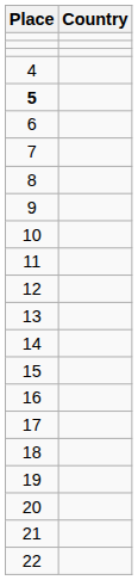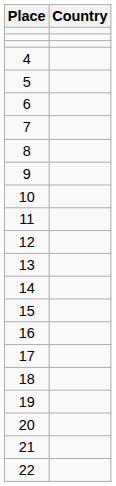 <table class="wikitable" style="font-size:95%;">
 <tr>
 <th>Place</th>
 <th>Country</th>
 </tr>
 <tr>
 <td align="center"></td>
 <td></td>
 </tr>
 <tr>
 <td align="center"></td>
 <td></td>
 </tr>
 <tr>
 <td align="center"></td>
 <td></td>
 </tr>
 <tr>
 <td align="center">4</td>
 <td></td>
 </tr>
 <tr>
-<td align="center"><strong>5</strong></td>
+<td align="center">5</td>
 <td></td>
 </tr>
 <tr>
 <td align="center">6</td>
 <td></td>
 </tr>
 <tr>
 <td align="center">7</td>
 <td></td>
 </tr>
 <tr>
 <td align="center">8</td>
 <td></td>
 </tr>
 <tr>
 <td align="center">9</td>
 <td></td>
 </tr>
 <tr>
 <td align="center">10</td>
 <td></td>
 </tr>
 <tr>
 <td align="center">11</td>
 <td></td>
 </tr>
 <tr>
 <td align="center">12</td>
 <td></td>
 </tr>
 <tr>
 <td align="center">13</td>
 <td></td>
 </tr>
 <tr>
 <td align="center">14</td>
 <td></td>
 </tr>
 <tr>
 <td align="center">15</td>
 <td></td>
 </tr>
 <tr>
 <td align="center">16</td>
 <td></td>
 </tr>
 <tr>
 <td align=center>17</td>
 <td></td>
 </tr>
 <tr>
 <td align=center>18</td>
 <td></td>
 </tr>
 <tr>
 <td align=center>19</td>
 <td></td>
 </tr>
 <tr>
 <td align=center>20</td>
 <td></td>
 </tr>
 <tr>
 <td align=center>21</td>
 <td></td>
 </tr>
 <tr>
 <td align=center>22</td>
 <td></td>
 </tr>
 </table>
